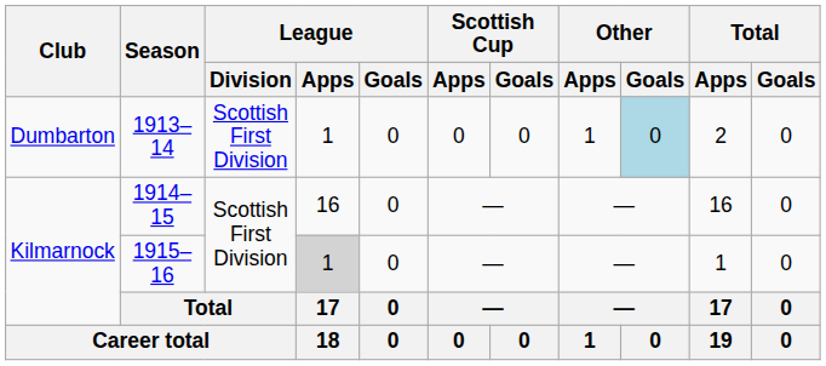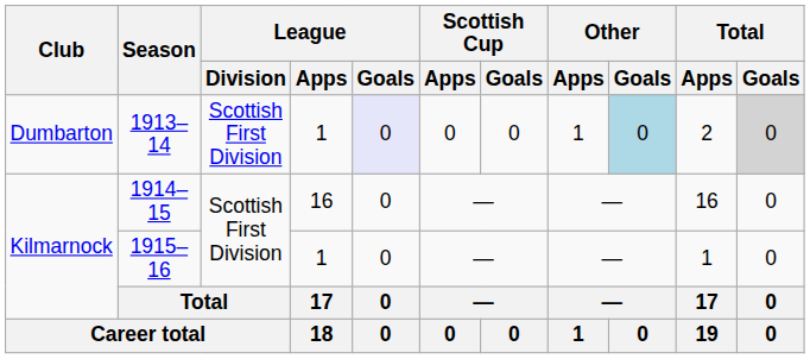 <table class="wikitable" style="text-align: center">
 <tr>
 <th rowspan="2">Club</th>
 <th rowspan="2">Season</th>
 <th colspan="3">League</th>
 <th colspan="2">Scottish Cup</th>
 <th colspan="2">Other</th>
 <th colspan="2">Total</th>
 </tr>
 <tr>
 <th>Division</th>
 <th>Apps</th>
 <th>Goals</th>
 <th>Apps</th>
 <th>Goals</th>
 <th>Apps</th>
 <th>Goals</th>
 <th>Apps</th>
 <th>Goals</th>
 </tr>
 <tr>
 <td><a href='#'>Dumbarton</a></td>
 <td><a href='#'>1913–14</a></td>
 <td><a href='#'>Scottish First Division</a></td>
 <td>1</td>
-<td>0</td>
+<td style="background: lavender;">0</td>
 <td>0</td>
 <td>0</td>
 <td>1</td>
 <td style="background: lightblue;">0</td>
 <td>2</td>
-<td>0</td>
+<td style="background: lightgrey;">0</td>
 </tr>
 <tr>
 <td rowspan="3"><a href='#'>Kilmarnock</a></td>
 <td><a href='#'>1914–15</a></td>
 <td rowspan="2">Scottish First Division</td>
 <td>16</td>
 <td>0</td>
 <td colspan="2">—</td>
 <td colspan="2">—</td>
 <td>16</td>
 <td>0</td>
 </tr>
 <tr>
 <td><a href='#'>1915–16</a></td>
-<td style="background: lightgrey;">1</td>
+<td>1</td>
 <td>0</td>
 <td colspan="2">—</td>
 <td colspan="2">—</td>
 <td>1</td>
 <td>0</td>
 </tr>
 <tr>
 <th colspan="2">Total</th>
 <th>17</th>
 <th>0</th>
 <th colspan="2">—</th>
 <th colspan="2">—</th>
 <th>17</th>
 <th>0</th>
 </tr>
 <tr>
 <th colspan="3">Career total</th>
 <th>18</th>
 <th>0</th>
 <th>0</th>
 <th>0</th>
 <th>1</th>
 <th>0</th>
 <th>19</th>
 <th>0</th>
 </tr>
 </table>
